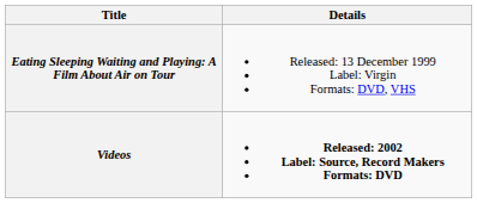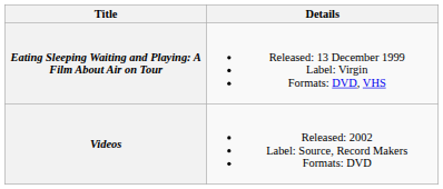 <table class="wikitable plainrowheaders" style="text-align:center;" border="1">
 <tr>
 <th scope="col" style="width:17em;">Title</th>
 <th scope="col" style="width:19.5em;">Details</th>
 </tr>
 <tr>
 <th scope="row"><em>Eating Sleeping Waiting and Playing: A Film About Air on Tour</em></th>
 <td><br><ul><li>Released: 13 December 1999</li><li>Label: Virgin</li><li>Formats: <a href='#'>DVD</a>, <a href='#'>VHS</a></li></ul></td>
 </tr>
 <tr>
 <th scope="row"><em>Videos</em></th>
-<td><strong><br><ul><li>Released: 2002</li><li>Label: Source, Record Makers</li><li>Formats: DVD</li></ul></strong></td>
+<td><br><ul><li>Released: 2002</li><li>Label: Source, Record Makers</li><li>Formats: DVD</li></ul></td>
 </tr>
 </table>
